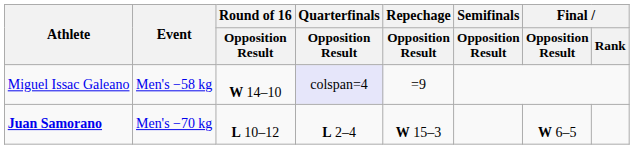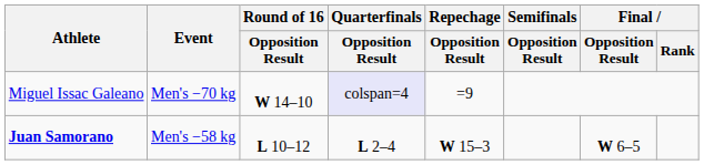 <table class="wikitable" style="font-size:90%;">
 <tr>
 <th rowspan=2>Athlete</th>
 <th rowspan=2>Event</th>
 <th>Round of 16</th>
 <th>Quarterfinals</th>
 <th>Repechage</th>
 <th>Semifinals</th>
 <th colspan=2>Final / </th>
 </tr>
 <tr style="font-size:95%">
 <th>Opposition<br>Result</th>
 <th>Opposition<br>Result</th>
 <th>Opposition<br>Result</th>
 <th>Opposition<br>Result</th>
 <th>Opposition<br>Result</th>
 <th>Rank</th>
 </tr>
 <tr align=center>
 <td align=left><a href='#'>Miguel Issac Galeano</a></td>
-<td align=left><a href='#'>Men's −58 kg</a></td>
+<td align=left><a href='#'> Men's −70 kg</a></td>
 <td><br><strong>W</strong> 14–10</td>
 <td style="background: lavender;">colspan=4 </td>
 <td>=9</td>
 </tr>
 <tr align=center>
 <td align=left><strong><a href='#'>Juan Samorano</a></strong></td>
-<td align=left><a href='#'> Men's −70 kg</a></td>
+<td align=left><a href='#'>Men's −58 kg</a></td>
 <td><br><strong>L</strong> 10–12</td>
 <td><br><strong>L</strong> 2–4</td>
 <td><br><strong>W</strong> 15–3</td>
 <td></td>
 <td><br><strong>W</strong> 6–5</td>
 <td></td>
 </tr>
 </table>
